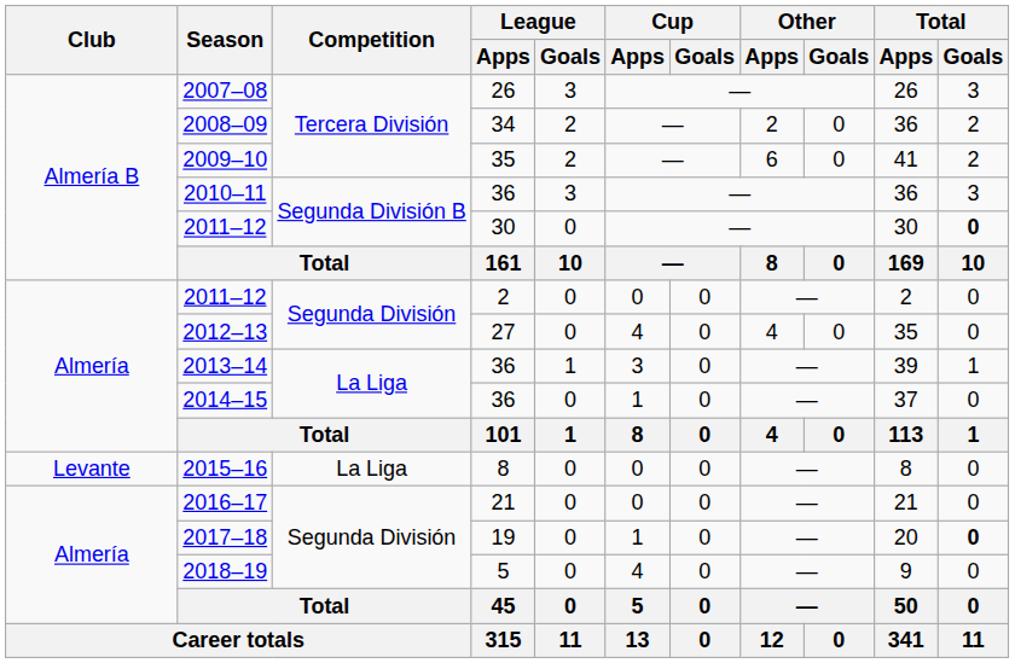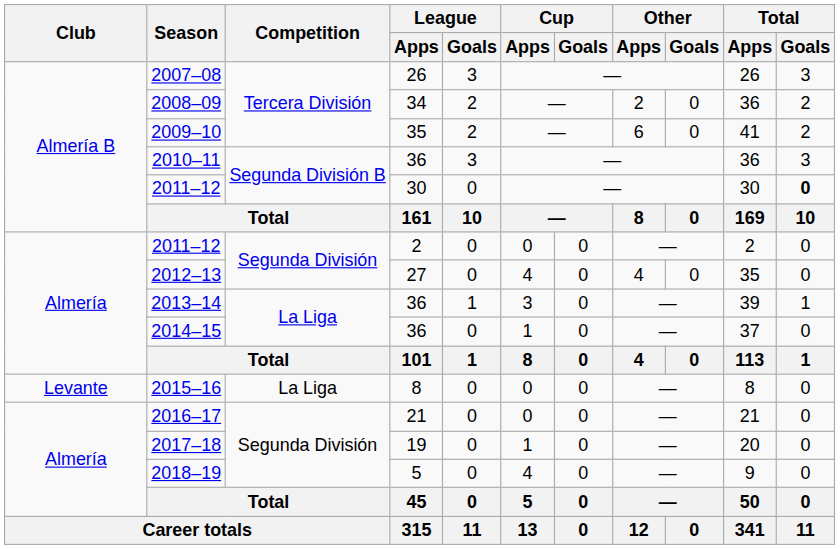 <table class="wikitable" style="text-align: center">
 <tr>
 <th rowspan="2" width=120>Club</th>
 <th rowspan="2">Season</th>
 <th rowspan="2">Competition</th>
 <th colspan="2">League</th>
 <th colspan="2">Cup</th>
 <th colspan="2">Other</th>
 <th colspan="2">Total</th>
 </tr>
 <tr>
 <th>Apps</th>
 <th>Goals</th>
 <th>Apps</th>
 <th>Goals</th>
 <th>Apps</th>
 <th>Goals</th>
 <th>Apps</th>
 <th>Goals</th>
 </tr>
 <tr>
 <td rowspan="6" align=center valign=center><a href='#'>Almería B</a></td>
 <td><a href='#'>2007–08</a></td>
 <td rowspan="3"><a href='#'>Tercera División</a></td>
 <td>26</td>
 <td>3</td>
 <td colspan=4>—</td>
 <td>26</td>
 <td>3</td>
 </tr>
 <tr>
 <td><a href='#'>2008–09</a></td>
 <td>34</td>
 <td>2</td>
 <td colspan=2>—</td>
 <td>2</td>
 <td>0</td>
 <td>36</td>
 <td>2</td>
 </tr>
 <tr>
 <td><a href='#'>2009–10</a></td>
 <td>35</td>
 <td>2</td>
 <td colspan=2>—</td>
 <td>6</td>
 <td>0</td>
 <td>41</td>
 <td>2</td>
 </tr>
 <tr>
 <td><a href='#'>2010–11</a></td>
 <td rowspan="2"><a href='#'>Segunda División B</a></td>
 <td>36</td>
 <td>3</td>
 <td colspan=4>—</td>
 <td>36</td>
 <td>3</td>
 </tr>
 <tr>
 <td><a href='#'>2011–12</a></td>
 <td>30</td>
 <td>0</td>
 <td colspan=4>—</td>
 <td>30</td>
 <td><strong>0</strong></td>
 </tr>
 <tr>
 <th colspan="2">Total</th>
 <th>161</th>
 <th>10</th>
 <th colspan=2>—</th>
 <th>8</th>
 <th>0</th>
 <th>169</th>
 <th>10</th>
 </tr>
 <tr>
 <td rowspan="5" align=center valign=center><a href='#'>Almería</a></td>
 <td><a href='#'>2011–12</a></td>
 <td rowspan="2"><a href='#'>Segunda División</a></td>
 <td>2</td>
 <td>0</td>
 <td>0</td>
 <td>0</td>
 <td colspan=2>—</td>
 <td>2</td>
 <td>0</td>
 </tr>
 <tr>
 <td><a href='#'>2012–13</a></td>
 <td>27</td>
 <td>0</td>
 <td>4</td>
 <td>0</td>
 <td>4</td>
 <td>0</td>
 <td>35</td>
 <td>0</td>
 </tr>
 <tr>
 <td><a href='#'>2013–14</a></td>
 <td rowspan="2"><a href='#'>La Liga</a></td>
 <td>36</td>
 <td>1</td>
 <td>3</td>
 <td>0</td>
 <td colspan=2>—</td>
 <td>39</td>
 <td>1</td>
 </tr>
 <tr>
 <td><a href='#'>2014–15</a></td>
 <td>36</td>
 <td>0</td>
 <td>1</td>
 <td>0</td>
 <td colspan=2>—</td>
 <td>37</td>
 <td>0</td>
 </tr>
 <tr>
 <th colspan="2">Total</th>
 <th>101</th>
 <th>1</th>
 <th>8</th>
 <th>0</th>
 <th>4</th>
 <th>0</th>
 <th>113</th>
 <th>1</th>
 </tr>
 <tr>
 <td align=center valign=center><a href='#'>Levante</a></td>
 <td><a href='#'>2015–16</a></td>
 <td>La Liga</td>
 <td>8</td>
 <td>0</td>
 <td>0</td>
 <td>0</td>
 <td colspan=2>—</td>
 <td>8</td>
 <td>0</td>
 </tr>
 <tr>
 <td rowspan="4" align=center valign=center><a href='#'>Almería</a></td>
 <td><a href='#'>2016–17</a></td>
 <td rowspan="3">Segunda División</td>
 <td>21</td>
 <td>0</td>
 <td>0</td>
 <td>0</td>
 <td colspan=2>—</td>
 <td>21</td>
 <td>0</td>
 </tr>
 <tr>
 <td><a href='#'>2017–18</a></td>
 <td>19</td>
 <td>0</td>
 <td>1</td>
 <td>0</td>
 <td colspan=2>—</td>
 <td>20</td>
-<td><strong>0</strong></td>
+<td>0</td>
 </tr>
 <tr>
 <td><a href='#'>2018–19</a></td>
 <td>5</td>
 <td>0</td>
 <td>4</td>
 <td>0</td>
 <td colspan=2>—</td>
 <td>9</td>
 <td>0</td>
 </tr>
 <tr>
 <th colspan="2">Total</th>
 <th>45</th>
 <th>0</th>
 <th>5</th>
 <th>0</th>
 <th colspan=2>—</th>
 <th>50</th>
 <th>0</th>
 </tr>
 <tr>
 <th colspan="3">Career totals</th>
 <th>315</th>
 <th>11</th>
 <th>13</th>
 <th>0</th>
 <th>12</th>
 <th>0</th>
 <th>341</th>
 <th>11</th>
 </tr>
 </table>
